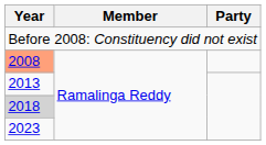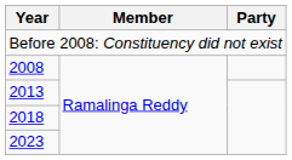 <table class="wikitable sortable">
 <tr>
 <th>Year</th>
 <th>Member</th>
 <th colspan="2">Party</th>
 </tr>
 <tr>
 <td colspan=4>Before 2008: <em>Constituency did not exist</em></td>
 </tr>
 <tr>
-<td style="background: lightsalmon;"><a href='#'>2008</a></td>
+<td><a href='#'>2008</a></td>
 <td rowspan=4><a href='#'>Ramalinga Reddy</a></td>
 <td></td>
 </tr>
 <tr>
 <td><a href='#'>2013</a></td>
 </tr>
 <tr>
-<td style="background: lightgrey;"><a href='#'>2018</a></td>
+<td><a href='#'>2018</a></td>
 </tr>
 <tr>
 <td><a href='#'>2023</a></td>
 </tr>
 </table>
